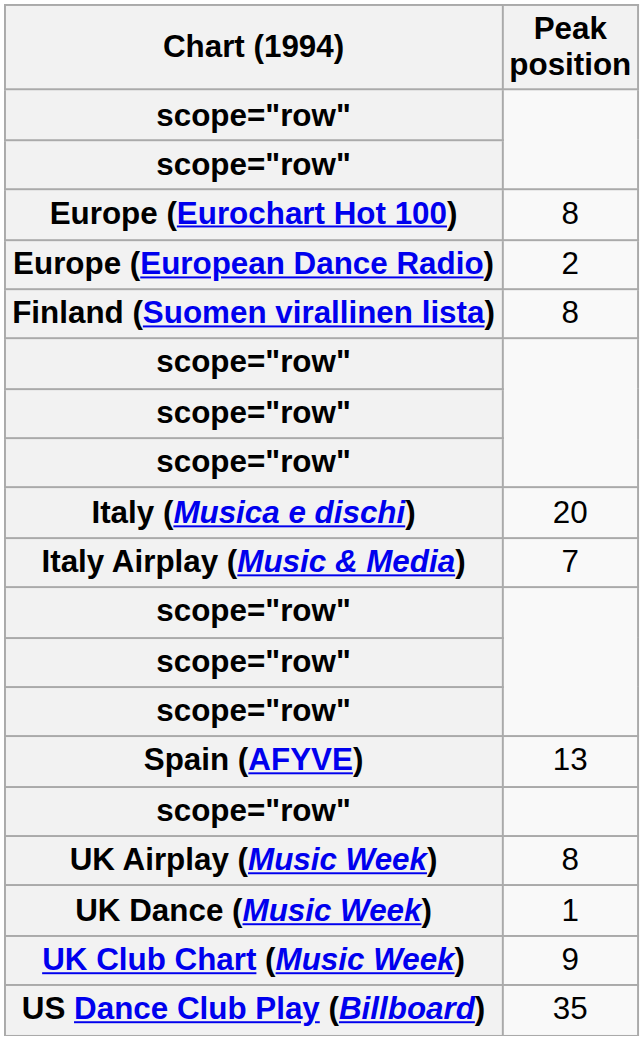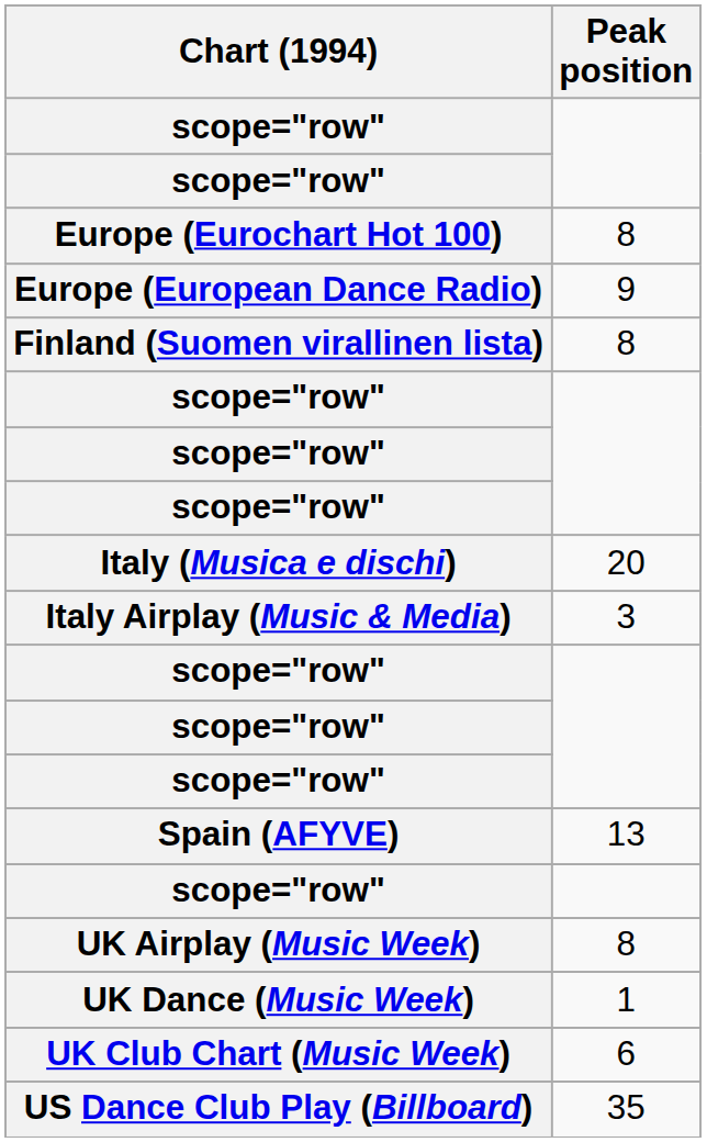 <table class="wikitable sortable plainrowheaders" style="text-align:center">
 <tr>
 <th>Chart (1994)</th>
 <th>Peak<br>position</th>
 </tr>
 <tr>
 <th>scope="row"</th>
 </tr>
 <tr>
 <th>scope="row"</th>
 </tr>
 <tr>
 <th scope="row">Europe (<a href='#'>Eurochart Hot 100</a>)</th>
 <td>8</td>
 </tr>
 <tr>
 <th scope="row">Europe (<a href='#'>European Dance Radio</a>)</th>
-<td>2</td>
+<td>9</td>
 </tr>
 <tr>
 <th scope="row">Finland (<a href='#'>Suomen virallinen lista</a>)</th>
 <td>8</td>
 </tr>
 <tr>
 <th>scope="row"</th>
 </tr>
 <tr>
 <th>scope="row"</th>
 </tr>
 <tr>
 <th>scope="row"</th>
 </tr>
 <tr>
 <th scope="row">Italy (<em><a href='#'>Musica e dischi</a></em>)</th>
 <td>20</td>
 </tr>
 <tr>
 <th scope="row">Italy Airplay (<em><a href='#'>Music & Media</a></em>)</th>
-<td>7</td>
+<td>3</td>
 </tr>
 <tr>
 <th>scope="row"</th>
 </tr>
 <tr>
 <th>scope="row"</th>
 </tr>
 <tr>
 <th>scope="row"</th>
 </tr>
 <tr>
 <th scope="row">Spain (<a href='#'>AFYVE</a>)</th>
 <td>13</td>
 </tr>
 <tr>
 <th>scope="row"</th>
 </tr>
 <tr>
 <th scope="row">UK Airplay (<em><a href='#'>Music Week</a></em>)</th>
 <td>8</td>
 </tr>
 <tr>
 <th scope="row">UK Dance (<em><a href='#'>Music Week</a></em>)</th>
 <td>1</td>
 </tr>
 <tr>
 <th scope="row"><a href='#'>UK Club Chart</a> (<em><a href='#'>Music Week</a></em>)</th>
-<td>9</td>
+<td>6</td>
 </tr>
 <tr>
 <th scope="row">US <a href='#'>Dance Club Play</a> (<em><a href='#'>Billboard</a></em>)</th>
 <td>35</td>
 </tr>
 </table>
